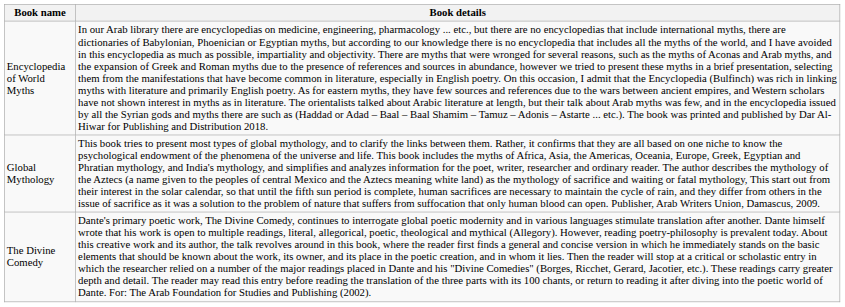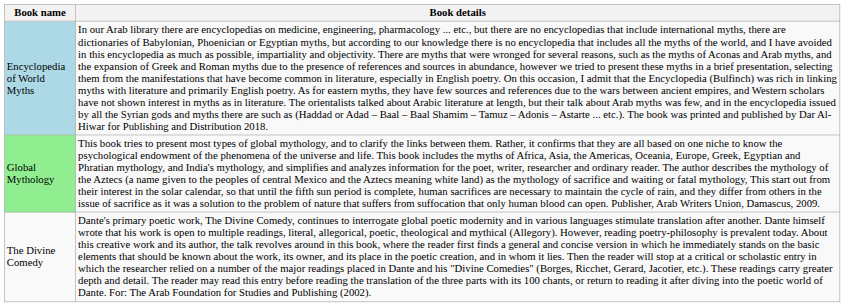 <table class="wikitable">
 <tr>
 <th>Book name</th>
 <th>Book details</th>
 </tr>
 <tr>
-<td>Encyclopedia of World Myths</td>
+<td style="background: lightblue;">Encyclopedia of World Myths</td>
 <td>In our Arab library there are encyclopedias on medicine, engineering, pharmacology ... etc., but there are no encyclopedias that include international myths, there are dictionaries of Babylonian, Phoenician or Egyptian myths, but according to our knowledge there is no encyclopedia that includes all the myths of the world, and I have avoided in this encyclopedia as much as possible, impartiality and objectivity. There are myths that were wronged for several reasons, such as the myths of Aconas and Arab myths, and the expansion of Greek and Roman myths due to the presence of references and sources in abundance, however we tried to present these myths in a brief presentation, selecting them from the manifestations that have become common in literature, especially in English poetry. On this occasion, I admit that the Encyclopedia (Bulfinch) was rich in linking myths with literature and primarily English poetry. As for eastern myths, they have few sources and references due to the wars between ancient empires, and Western scholars have not shown interest in myths as in literature. The orientalists talked about Arabic literature at length, but their talk about Arab myths was few, and in the encyclopedia issued by all the Syrian gods and myths there are such as (Haddad or Adad – Baal – Baal Shamim – Tamuz – Adonis – Astarte ... etc.). The book was printed and published by Dar Al-Hiwar for Publishing and Distribution 2018.</td>
 </tr>
 <tr>
-<td>Global Mythology</td>
+<td style="background: lightgreen;">Global Mythology</td>
 <td>This book tries to present most types of global mythology, and to clarify the links between them. Rather, it confirms that they are all based on one niche to know the psychological endowment of the phenomena of the universe and life. This book includes the myths of Africa, Asia, the Americas, Oceania, Europe, Greek, Egyptian and Phratian mythology, and India's mythology, and simplifies and analyzes information for the poet, writer, researcher and ordinary reader. The author describes the mythology of the Aztecs (a name given to the peoples of central Mexico and the Aztecs meaning white land) as the mythology of sacrifice and waiting or fatal mythology, This start out from their interest in the solar calendar, so that until the fifth sun period is complete, human sacrifices are necessary to maintain the cycle of rain, and they differ from others in the issue of sacrifice as it was a solution to the problem of nature that suffers from suffocation that only human blood can open. Publisher, Arab Writers Union, Damascus, 2009.</td>
 </tr>
 <tr>
 <td>The Divine Comedy</td>
 <td>Dante's primary poetic work, The Divine Comedy, continues to interrogate global poetic modernity and in various languages stimulate translation after another. Dante himself wrote that his work is open to multiple readings, literal, allegorical, poetic, theological and mythical (Allegory). However, reading poetry-philosophy is prevalent today. About this creative work and its author, the talk revolves around in this book, where the reader first finds a general and concise version in which he immediately stands on the basic elements that should be known about the work, its owner, and its place in the poetic creation, and in whom it lies. Then the reader will stop at a critical or scholastic entry in which the researcher relied on a number of the major readings placed in Dante and his "Divine Comedies" (Borges, Ricchet, Gerard, Jacotier, etc.).  These readings carry greater depth and detail. The reader may read this entry before reading the translation of the three parts with its 100 chants, or return to reading it after diving into the poetic world of Dante. For: The  Arab Foundation for Studies and Publishing (2002).</td>
 </tr>
 </table>
